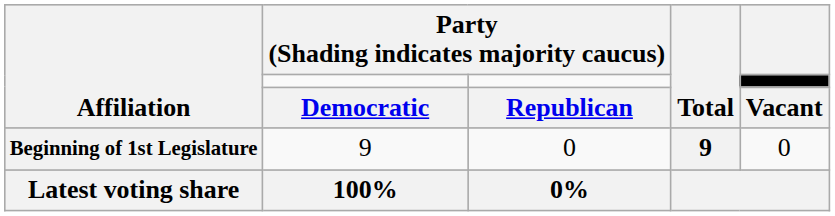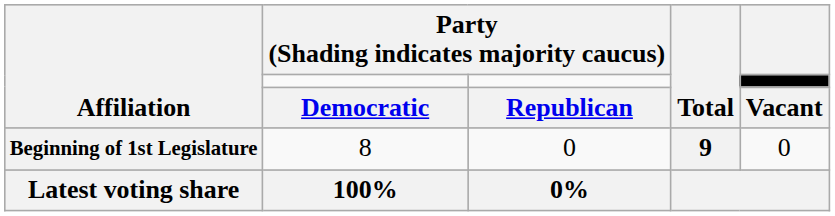 <table class=wikitable style="text-align:center">
 <tr style="vertical-align:bottom;">
 <th rowspan=3>Affiliation</th>
 <th colspan=2>Party <div>(Shading indicates majority caucus)</div></th>
 <th rowspan=3>Total</th>
 <th></th>
 </tr>
 <tr -style="height:5px">
 <td style="background-color:"></td>
 <td style="background-color:"></td>
 <td style="background-color:black"></td>
 </tr>
 <tr>
 <th><a href='#'>Democratic</a></th>
 <th><a href='#'>Republican</a></th>
 <th>Vacant</th>
 </tr>
 <tr>
 <th nowrap style="font-size:80%">Beginning of 1st Legislature</th>
-<td>9</td>
+<td>8</td>
 <td>0</td>
 <th>9</th>
 <td>0</td>
 </tr>
 <tr>
 <th>Latest voting share</th>
 <th>100%</th>
 <th>0%</th>
 <th colspan=2></th>
 </tr>
 </table>
